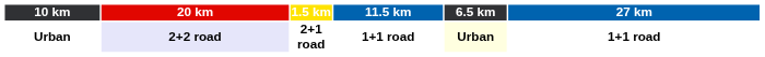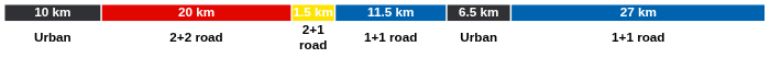 <table style="width:60%; font-weight:bold; text-align:center">
 <tr>
 <td style="background:#303134; width:13.1%; color:white">10 km</td>
 <td style="background:#E10600; width:26.2%; color:white">20 km</td>
 <td style="background:#FFE300; width:1.8%; color:white">1.5 km</td>
 <td style="background:#0063AF; width:15.1%; color:white">11.5 km</td>
 <td style="background:#303134; width:8.5%; color:white">6.5 km</td>
 <td style="background:#0063AF; width:35.2%; color:white">27 km</td>
 </tr>
 <tr>
 <td>Urban</td>
-<td style="background: lavender;">2+2 road</td>
+<td>2+2 road</td>
 <td>2+1 road</td>
 <td>1+1 road</td>
-<td style="background: lightyellow;">Urban</td>
+<td>Urban</td>
 <td>1+1 road</td>
 </tr>
 </table>
